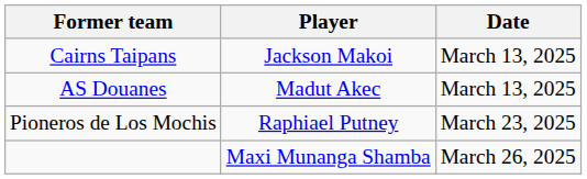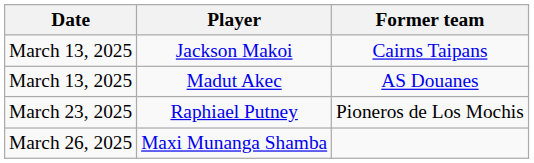 <table class="wikitable" style="text-align: center">
 <tr>
+<th>Date</th>
+<th>Player</th>
 <th>Former team</th>
-<th>Player</th>
-<th>Date</th>
 </tr>
 <tr>
+<td>March 13, 2025</td>
+<td><a href='#'>Jackson Makoi</a></td>
 <td><a href='#'>Cairns Taipans</a></td>
-<td><a href='#'>Jackson Makoi</a></td>
-<td>March 13, 2025</td>
 </tr>
 <tr>
+<td>March 13, 2025</td>
+<td><a href='#'>Madut Akec</a></td>
 <td><a href='#'>AS Douanes</a></td>
-<td><a href='#'>Madut Akec</a></td>
-<td>March 13, 2025</td>
 </tr>
 <tr>
+<td>March 23, 2025</td>
+<td><a href='#'>Raphiael Putney</a></td>
 <td>Pioneros de Los Mochis</td>
-<td><a href='#'>Raphiael Putney</a></td>
-<td>March 23, 2025</td>
 </tr>
 <tr>
+<td>March 26, 2025</td>
+<td><a href='#'>Maxi Munanga Shamba</a></td>
 <td></td>
-<td><a href='#'>Maxi Munanga Shamba</a></td>
-<td>March 26, 2025</td>
 </tr>
 </table>
